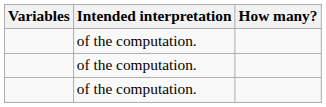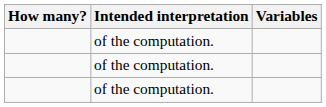 <table class="wikitable">
 <tr>
+<th>How many?</th>
+<th>Intended interpretation</th>
 <th>Variables</th>
-<th>Intended interpretation</th>
-<th>How many?</th>
 </tr>
 <tr>
 <td></td>
 <td> of the computation.</td>
 <td></td>
 </tr>
 <tr>
 <td></td>
 <td> of the computation.</td>
 <td></td>
 </tr>
 <tr>
 <td></td>
 <td> of the computation.</td>
 <td></td>
 </tr>
 </table>
